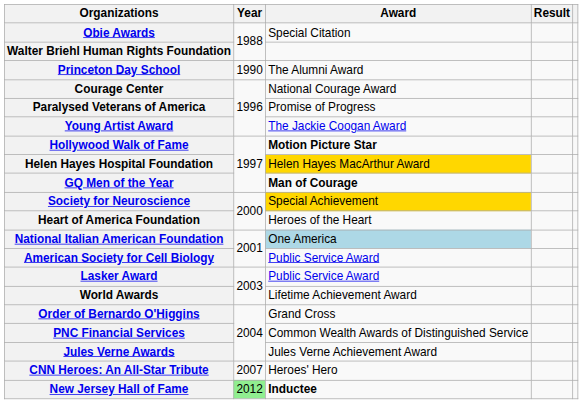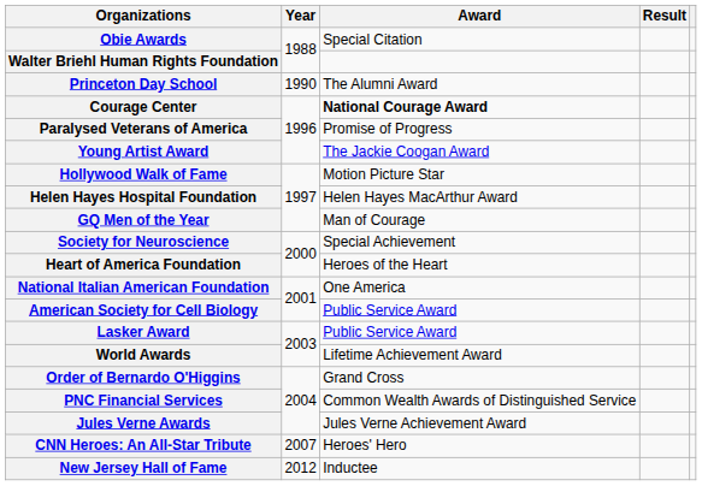 <table class= "wikitable plainrowheaders sortable">
 <tr>
 <th>Organizations</th>
 <th scope="col">Year</th>
 <th scope="col">Award</th>
 <th scope="col">Result</th>
 <th scope="col" class="unsortable"></th>
 </tr>
 <tr>
 <th rowspan="1" scope="row"><a href='#'>Obie Awards</a></th>
 <td rowspan="2" style="text-align:center;">1988</td>
 <td>Special Citation</td>
 <td></td>
 <td style="text-align:center;"></td>
 </tr>
 <tr>
 <th rowspan="1" scope="row">Walter Briehl Human Rights Foundation</th>
 <td></td>
 <td></td>
 <td style="text-align:center;"></td>
 </tr>
 <tr>
 <th rowspan="1" scope="row"><a href='#'>Princeton Day School</a></th>
 <td style="text-align:center;">1990</td>
 <td>The Alumni Award</td>
 <td></td>
 <td style="text-align:center;"></td>
 </tr>
 <tr>
 <th rowspan="1" scope="row">Courage Center</th>
 <td rowspan="3" style="text-align:center;">1996</td>
-<td>National Courage Award</td>
+<td><strong>National Courage Award</strong></td>
 <td></td>
 <td style="text-align:center;"></td>
 </tr>
 <tr>
 <th rowspan="1" scope="row">Paralysed Veterans of America</th>
 <td>Promise of Progress</td>
 <td></td>
 <td style="text-align:center;"></td>
 </tr>
 <tr>
 <th rowspan="1" scope="row"><a href='#'>Young Artist Award</a></th>
 <td><a href='#'>The Jackie Coogan Award</a></td>
 <td></td>
 <td style="text-align:center;"></td>
 </tr>
 <tr>
 <th rowspan="1" scope="row"><a href='#'>Hollywood Walk of Fame</a></th>
 <td rowspan="3" style="text-align:center;">1997</td>
-<td><strong>Motion Picture Star</strong></td>
+<td>Motion Picture Star</td>
 <td></td>
 <td style="text-align:center;"></td>
 </tr>
 <tr>
 <th rowspan="1" scope="row">Helen Hayes Hospital Foundation</th>
-<td style="background: gold;">Helen Hayes MacArthur Award</td>
+<td>Helen Hayes MacArthur Award</td>
 <td></td>
 <td style="text-align:center;"></td>
 </tr>
 <tr>
 <th rowspan="1" scope="row"><a href='#'>GQ Men of the Year</a></th>
-<td><strong>Man of Courage</strong></td>
+<td>Man of Courage</td>
 <td></td>
 <td style="text-align:center;"></td>
 </tr>
 <tr>
 <th rowspan="1" scope="row"><a href='#'>Society for Neuroscience</a></th>
 <td rowspan="2" style="text-align:center;">2000</td>
-<td style="background: gold;">Special Achievement</td>
+<td>Special Achievement</td>
 <td></td>
 <td style="text-align:center;"></td>
 </tr>
 <tr>
 <th rowspan="1" scope="row">Heart of America Foundation</th>
 <td>Heroes of the Heart</td>
 <td></td>
 <td style="text-align:center;"></td>
 </tr>
 <tr>
 <th rowspan="1" scope="row"><a href='#'>National Italian American Foundation</a></th>
 <td rowspan="2" style="text-align:center;">2001</td>
-<td style="background: lightblue;">One America</td>
+<td>One America</td>
 <td></td>
 <td style="text-align:center;"></td>
 </tr>
 <tr>
 <th rowspan="1" scope="row"><a href='#'>American Society for Cell Biology</a></th>
 <td><a href='#'>Public Service Award</a></td>
 <td></td>
 <td style="text-align:center;"></td>
 </tr>
 <tr>
 <th rowspan="1" scope="row"><a href='#'>Lasker Award</a></th>
 <td rowspan="2" style="text-align:center;">2003</td>
 <td><a href='#'>Public Service Award</a></td>
 <td></td>
 <td style="text-align:center;"></td>
 </tr>
 <tr>
 <th rowspan="1" scope="row">World Awards</th>
 <td>Lifetime Achievement Award</td>
 <td></td>
 <td style="text-align:center;"></td>
 </tr>
 <tr>
 <th rowspan="1" scope="row"><a href='#'>Order of Bernardo O'Higgins</a></th>
 <td rowspan="3" style="text-align:center;">2004</td>
 <td>Grand Cross</td>
 <td></td>
 <td style="text-align:center;"></td>
 </tr>
 <tr>
 <th rowspan="1" scope="row"><a href='#'>PNC Financial Services</a></th>
 <td>Common Wealth Awards of Distinguished Service</td>
 <td></td>
 <td style="text-align:center;"></td>
 </tr>
 <tr>
 <th rowspan="1" scope="row"><a href='#'>Jules Verne Awards</a></th>
 <td>Jules Verne Achievement Award</td>
 <td></td>
 <td style="text-align:center;"></td>
 </tr>
 <tr>
 <th rowspan="1" scope="row"><a href='#'>CNN Heroes: An All-Star Tribute</a></th>
 <td style="text-align:center;">2007</td>
 <td>Heroes' Hero</td>
 <td></td>
 <td style="text-align:center;"></td>
 </tr>
 <tr>
 <th rowspan="1" scope="row"><a href='#'>New Jersey Hall of Fame</a></th>
-<td style="background: lightgreen; text-align:center;">2012</td>
-<td><strong>Inductee</strong></td>
+<td style="text-align:center;">2012</td>
+<td>Inductee</td>
 <td></td>
 <td style="text-align:center;"></td>
 </tr>
 </table>
